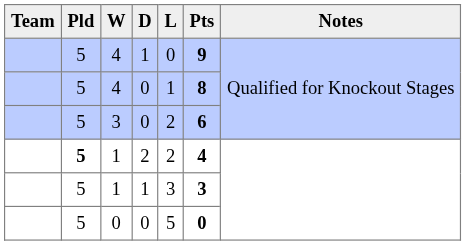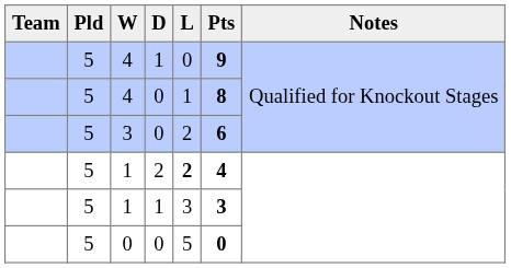 <table style=border-collapse:collapse border=1 cellspacing=0 cellpadding=5>
 <tr align=center bgcolor=#efefef>
 <th>Team</th>
 <th>Pld</th>
 <th>W</th>
 <th>D</th>
 <th>L</th>
 <th>Pts</th>
 <th>Notes</th>
 </tr>
 <tr align=center style="background:#bbccff;">
 <td style="text-align:left;"> </td>
 <td>5</td>
 <td>4</td>
 <td>1</td>
 <td>0</td>
 <td><strong>9</strong></td>
 <td rowspan=3>Qualified for Knockout Stages</td>
 </tr>
 <tr align=center style="background:#bbccff;">
 <td style="text-align:left;"> </td>
 <td>5</td>
 <td>4</td>
 <td>0</td>
 <td>1</td>
 <td><strong>8</strong></td>
 </tr>
 <tr align=center style="background:#bbccff;">
 <td style="text-align:left;"> </td>
 <td>5</td>
 <td>3</td>
 <td>0</td>
 <td>2</td>
 <td><strong>6</strong></td>
 </tr>
 <tr align=center style="background:#FFFFFF;">
 <td style="text-align:left;"> </td>
-<td><strong>5</strong></td>
+<td>5</td>
 <td>1</td>
 <td>2</td>
-<td>2</td>
+<td><strong>2</strong></td>
 <td><strong>4</strong></td>
 <td rowspan=3></td>
 </tr>
 <tr align=center style="background:#FFFFFF;">
 <td style="text-align:left;"> </td>
 <td>5</td>
 <td>1</td>
 <td>1</td>
 <td>3</td>
 <td><strong>3</strong></td>
 </tr>
 <tr align=center style="background:#FFFFFF;">
 <td style="text-align:left;"> </td>
 <td>5</td>
 <td>0</td>
 <td>0</td>
 <td>5</td>
 <td><strong>0</strong></td>
 </tr>
 </table>
